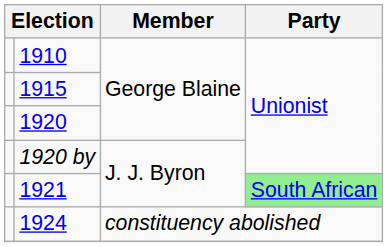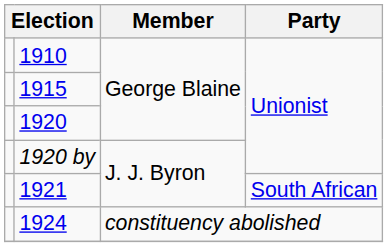 <table class="wikitable">
 <tr>
 <th colspan="2">Election</th>
 <th>Member</th>
 <th>Party</th>
 </tr>
 <tr>
 <td style="background-color: "></td>
 <td><a href='#'>1910</a></td>
 <td rowspan="3">George Blaine</td>
 <td rowspan="4"><a href='#'>Unionist</a></td>
 </tr>
 <tr>
 <td style="background-color: "></td>
 <td><a href='#'>1915</a></td>
 </tr>
 <tr>
 <td style="background-color: "></td>
 <td><a href='#'>1920</a></td>
 </tr>
 <tr>
 <td style="background-color: "></td>
 <td><em>1920 by</em></td>
 <td rowspan="2">J. J. Byron</td>
 </tr>
 <tr>
 <td style="background-color: "></td>
 <td><a href='#'>1921</a></td>
-<td style="background: lightgreen;"><a href='#'>South African</a></td>
+<td><a href='#'>South African</a></td>
 </tr>
 <tr>
 <td style="background-color: "></td>
 <td><a href='#'>1924</a></td>
 <td colspan="2"><em>constituency abolished</em></td>
 </tr>
 <tr>
 </tr>
 </table>
